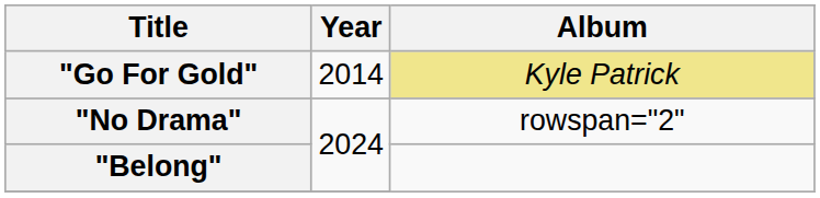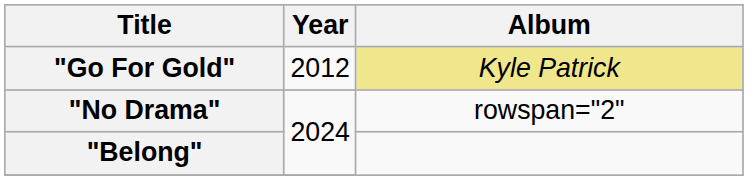 <table class="wikitable plainrowheaders" style="text-align:center;">
 <tr>
 <th scope="col" style="width:10em;">Title</th>
 <th scope="col">Year</th>
 <th scope="col" style="width:14em;">Album</th>
 </tr>
 <tr>
 <th scope="row">"Go For Gold"</th>
-<td>2014</td>
+<td>2012</td>
 <td style="background: khaki;"><em>Kyle Patrick</em></td>
 </tr>
 <tr>
 <th scope="row">"No Drama"</th>
 <td rowspan="2">2024</td>
 <td>rowspan="2" </td>
 </tr>
 <tr>
 <th scope="row">"Belong"</th>
 </tr>
 <tr>
 </tr>
 </table>
